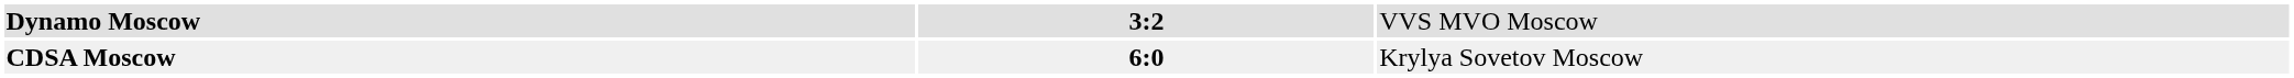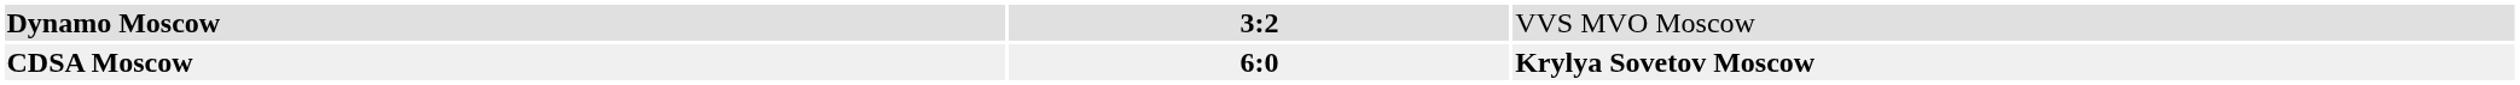 <table width="70%">
 <tr bgcolor="#e0e0e0">
 <td style="width:40%;"><strong>Dynamo Moscow</strong></td>
 <th style="width:20%;"><strong>3:2</strong></th>
 <td style="width:40%;">VVS MVO Moscow</td>
 </tr>
 <tr bgcolor="#f0f0f0">
 <td><strong>CDSA Moscow</strong></td>
 <td align="center"><strong>6:0</strong></td>
-<td>Krylya Sovetov Moscow</td>
+<td><strong>Krylya Sovetov Moscow</strong></td>
 </tr>
 </table>
